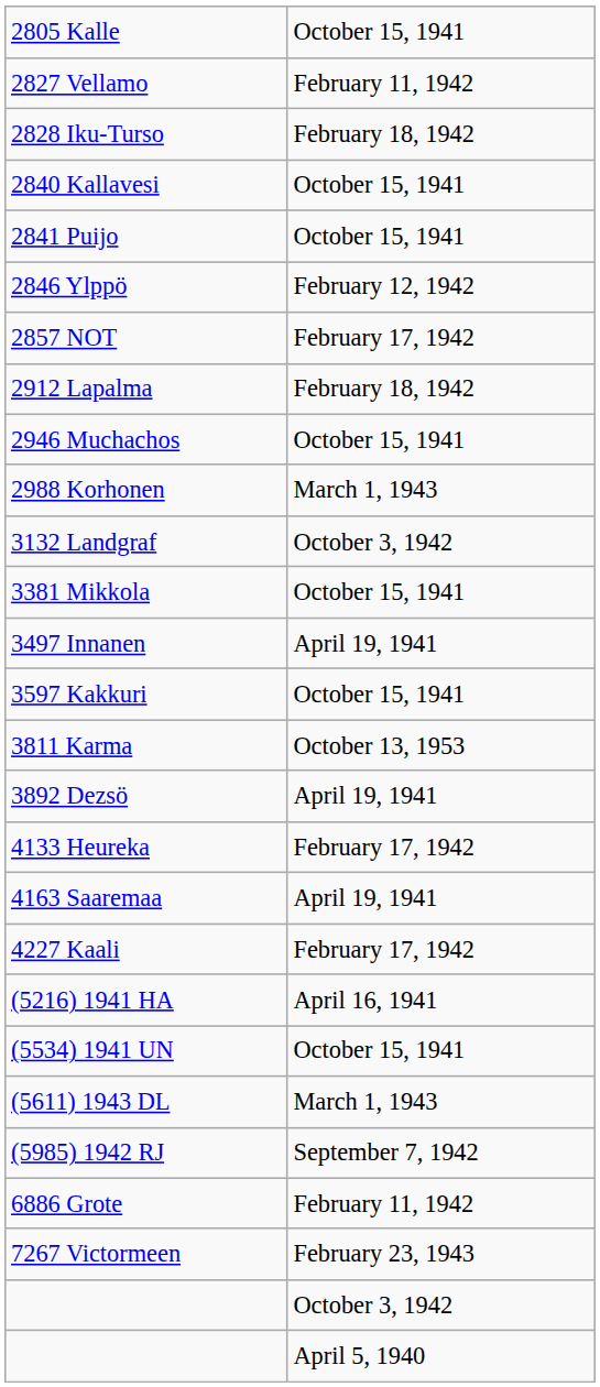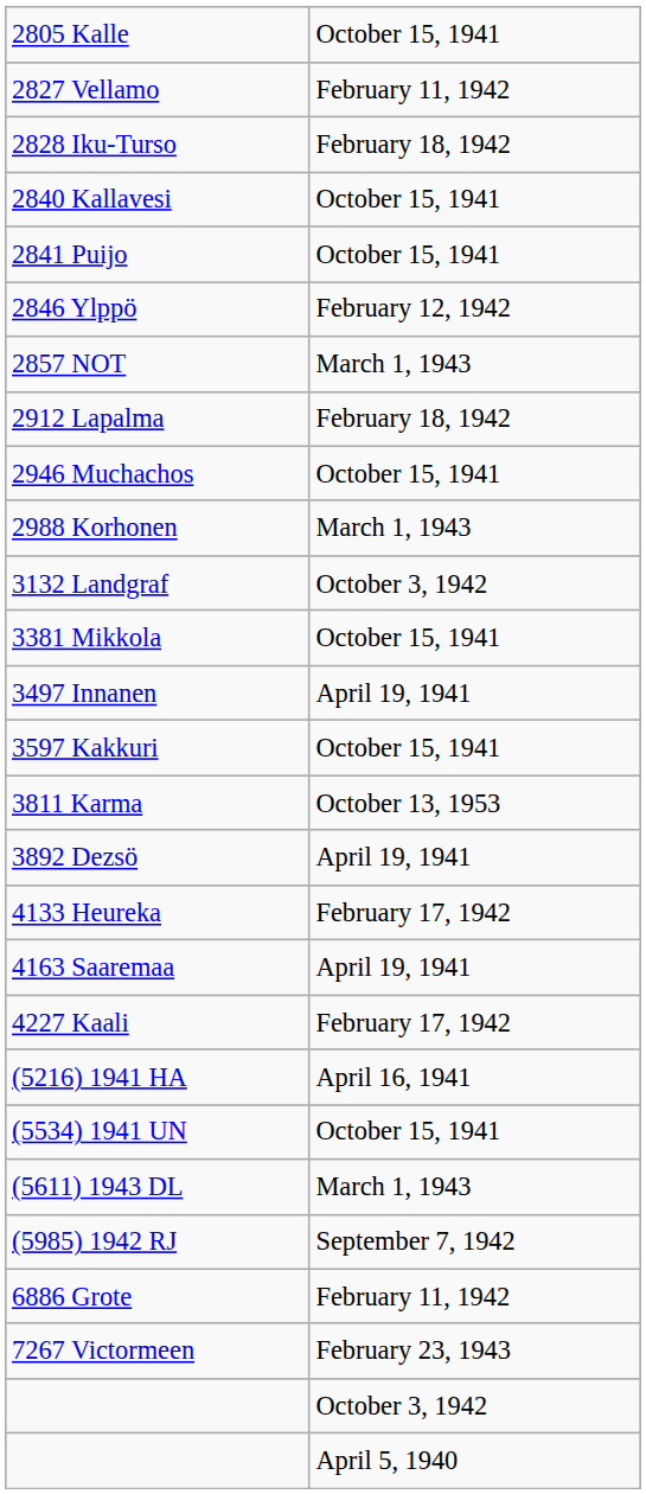 <table class="wikitable" style="font-size: 89%; float: left; width: 24em; margin-right: 1em; line-height: 1.6em !important;">
 <tr>
 <td><a href='#'>2805 Kalle</a></td>
 <td>October 15, 1941</td>
 </tr>
 <tr>
 <td><a href='#'>2827 Vellamo</a></td>
 <td>February 11, 1942</td>
 </tr>
 <tr>
 <td><a href='#'>2828 Iku-Turso</a></td>
 <td>February 18, 1942</td>
 </tr>
 <tr>
 <td><a href='#'>2840 Kallavesi</a></td>
 <td>October 15, 1941</td>
 </tr>
 <tr>
 <td><a href='#'>2841 Puijo</a></td>
 <td>October 15, 1941</td>
 </tr>
 <tr>
 <td><a href='#'>2846 Ylppö</a></td>
 <td>February 12, 1942</td>
 </tr>
 <tr>
 <td><a href='#'>2857 NOT</a></td>
-<td>February 17, 1942</td>
+<td>March 1, 1943</td>
 </tr>
 <tr>
 <td><a href='#'>2912 Lapalma</a></td>
 <td>February 18, 1942</td>
 </tr>
 <tr>
 <td><a href='#'>2946 Muchachos</a></td>
 <td>October 15, 1941</td>
 </tr>
 <tr>
 <td><a href='#'>2988 Korhonen</a></td>
 <td>March 1, 1943</td>
 </tr>
 <tr>
 <td><a href='#'>3132 Landgraf</a></td>
 <td>October 3, 1942</td>
 </tr>
 <tr>
 <td><a href='#'>3381 Mikkola</a></td>
 <td>October 15, 1941</td>
 </tr>
 <tr>
 <td><a href='#'>3497 Innanen</a></td>
 <td>April 19, 1941</td>
 </tr>
 <tr>
 <td><a href='#'>3597 Kakkuri</a></td>
 <td>October 15, 1941</td>
 </tr>
 <tr>
 <td><a href='#'>3811 Karma</a></td>
 <td>October 13, 1953</td>
 </tr>
 <tr>
 <td><a href='#'>3892 Dezsö</a></td>
 <td>April 19, 1941</td>
 </tr>
 <tr>
 <td><a href='#'>4133 Heureka</a></td>
 <td>February 17, 1942</td>
 </tr>
 <tr>
 <td><a href='#'>4163 Saaremaa</a></td>
 <td>April 19, 1941</td>
 </tr>
 <tr>
 <td><a href='#'>4227 Kaali</a></td>
 <td>February 17, 1942</td>
 </tr>
 <tr>
 <td><a href='#'>(5216) 1941 HA</a></td>
 <td>April 16, 1941</td>
 </tr>
 <tr>
 <td><a href='#'>(5534) 1941 UN</a></td>
 <td>October 15, 1941</td>
 </tr>
 <tr>
 <td><a href='#'>(5611) 1943 DL</a></td>
 <td>March 1, 1943</td>
 </tr>
 <tr>
 <td><a href='#'>(5985) 1942 RJ</a></td>
 <td>September 7, 1942</td>
 </tr>
 <tr>
 <td><a href='#'>6886 Grote</a></td>
 <td>February 11, 1942</td>
 </tr>
 <tr>
 <td><a href='#'>7267 Victormeen</a></td>
 <td>February 23, 1943</td>
 </tr>
 <tr>
 <td></td>
 <td>October 3, 1942</td>
 </tr>
 <tr>
 <td></td>
 <td>April 5, 1940</td>
 </tr>
 </table>
